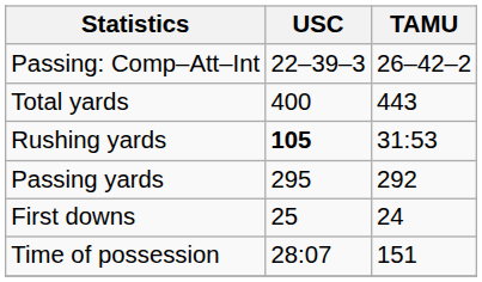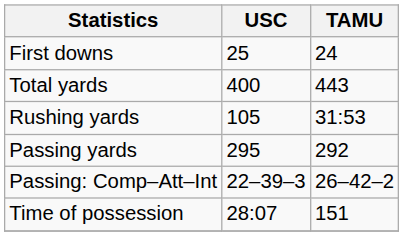 <table class="wikitable" style="float: left;">
 <tr>
 <th>Statistics</th>
 <th>USC</th>
 <th>TAMU</th>
 </tr>
 <tr>
-<td>Passing: Comp–Att–Int</td>
-<td>22–39–3</td>
-<td>26–42–2</td>
+<td>First downs</td>
+<td>25</td>
+<td>24</td>
 </tr>
 <tr>
 <td>Total yards</td>
 <td>400</td>
 <td>443</td>
 </tr>
 <tr>
 <td>Rushing yards</td>
-<td><strong>105</strong></td>
+<td>105</td>
 <td>31:53</td>
 </tr>
 <tr>
 <td>Passing yards</td>
 <td>295</td>
 <td>292</td>
 </tr>
 <tr>
-<td>First downs</td>
-<td>25</td>
-<td>24</td>
+<td>Passing: Comp–Att–Int</td>
+<td>22–39–3</td>
+<td>26–42–2</td>
 </tr>
 <tr>
 <td>Time of possession</td>
 <td>28:07</td>
 <td>151</td>
 </tr>
 <tr>
 </tr>
 </table>
